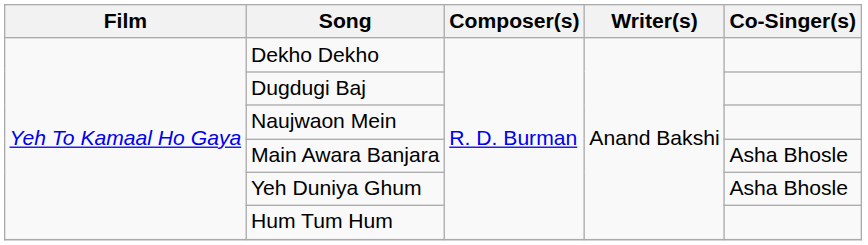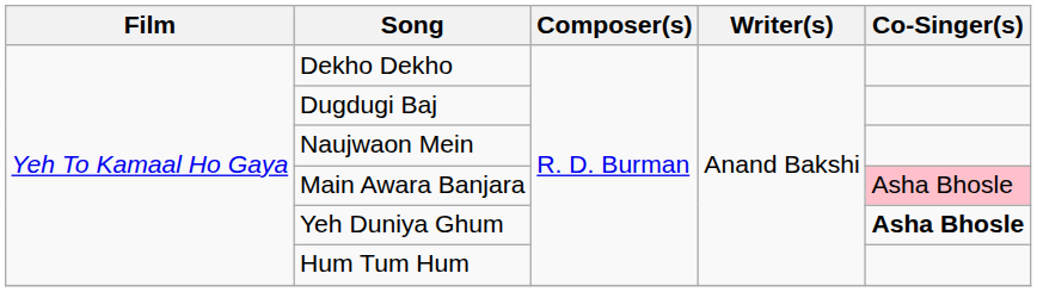 <table class="wikitable">
 <tr>
 <th>Film</th>
 <th>Song</th>
 <th>Composer(s)</th>
 <th>Writer(s)</th>
 <th>Co-Singer(s)</th>
 </tr>
 <tr>
 <td rowspan="6"><em><a href='#'>Yeh To Kamaal Ho Gaya</a></em></td>
 <td>Dekho Dekho</td>
 <td rowspan="6"><a href='#'>R. D. Burman</a></td>
 <td rowspan="6">Anand Bakshi</td>
 <td></td>
 </tr>
 <tr>
 <td>Dugdugi Baj</td>
 <td></td>
 </tr>
 <tr>
 <td>Naujwaon Mein</td>
 <td></td>
 </tr>
 <tr>
 <td>Main Awara Banjara</td>
-<td>Asha Bhosle</td>
+<td style="background: pink;">Asha Bhosle</td>
 </tr>
 <tr>
 <td>Yeh Duniya Ghum</td>
-<td>Asha Bhosle</td>
+<td><strong>Asha Bhosle</strong></td>
 </tr>
 <tr>
 <td>Hum Tum Hum</td>
 <td></td>
 </tr>
 <tr>
 </tr>
 </table>
